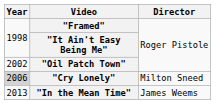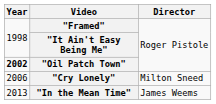 <table class="wikitable plainrowheaders">
 <tr>
 <th>Year</th>
 <th style="width:12em;">Video</th>
 <th>Director</th>
 </tr>
 <tr>
 <td rowspan="2">1998</td>
 <th scope="row">"Framed"</th>
 <td rowspan="3">Roger Pistole</td>
 </tr>
 <tr>
 <th scope="row">"It Ain't Easy Being Me"</th>
 </tr>
 <tr>
-<td>2002</td>
+<td><strong>2002</strong></td>
 <th scope="row">"Oil Patch Town"</th>
 </tr>
 <tr>
-<td style="background: lightgrey;">2006</td>
+<td>2006</td>
 <th scope="row">"Cry Lonely"</th>
 <td>Milton Sneed</td>
 </tr>
 <tr>
 <td>2013</td>
 <th scope="row">"In the Mean Time"</th>
 <td>James Weems</td>
 </tr>
 </table>
